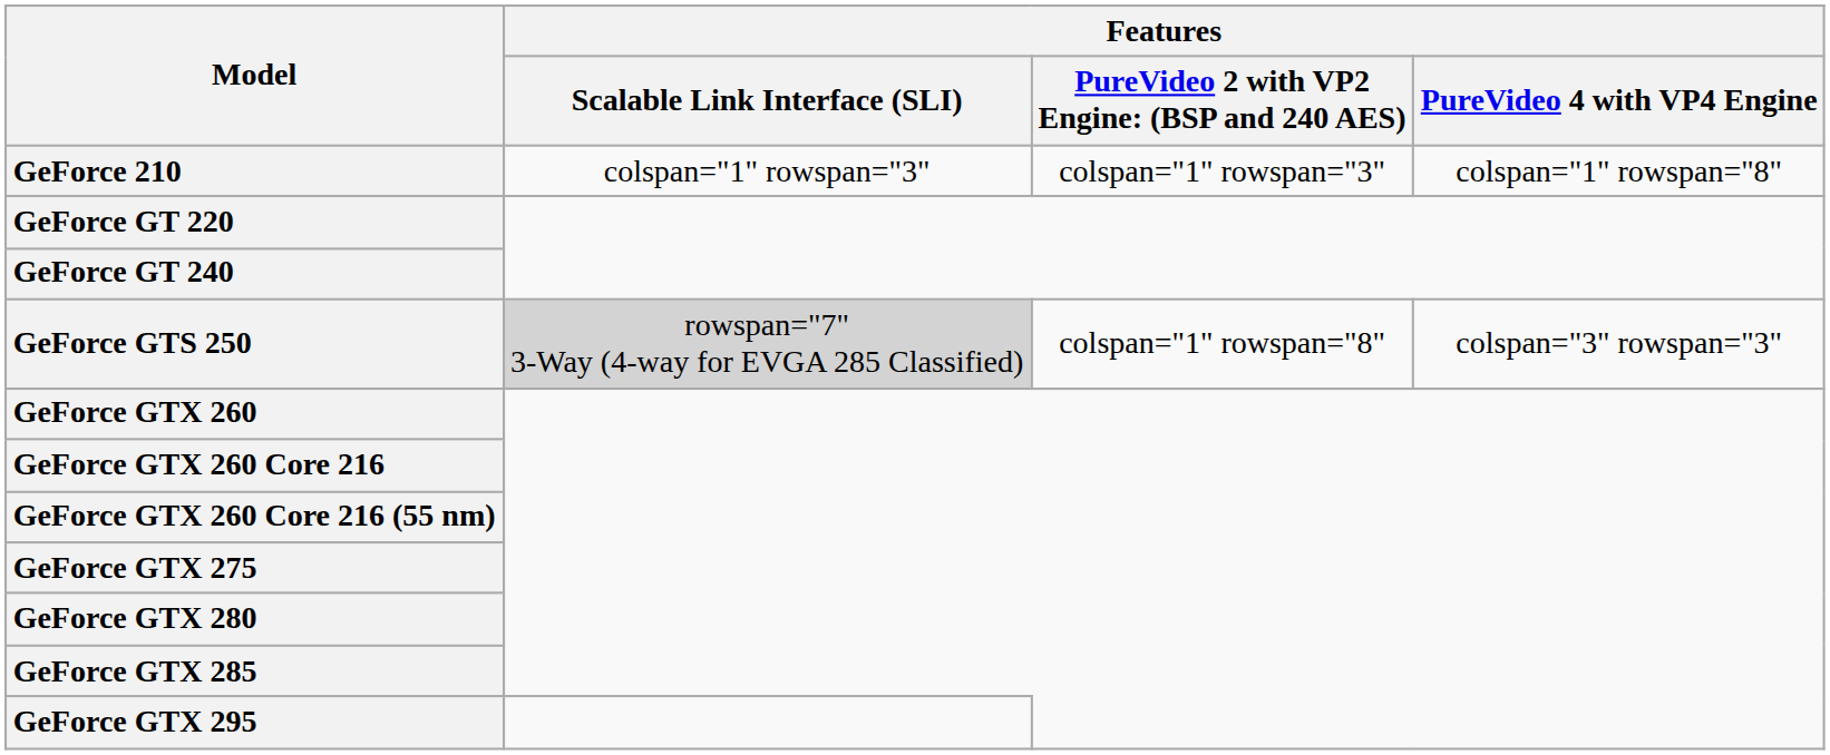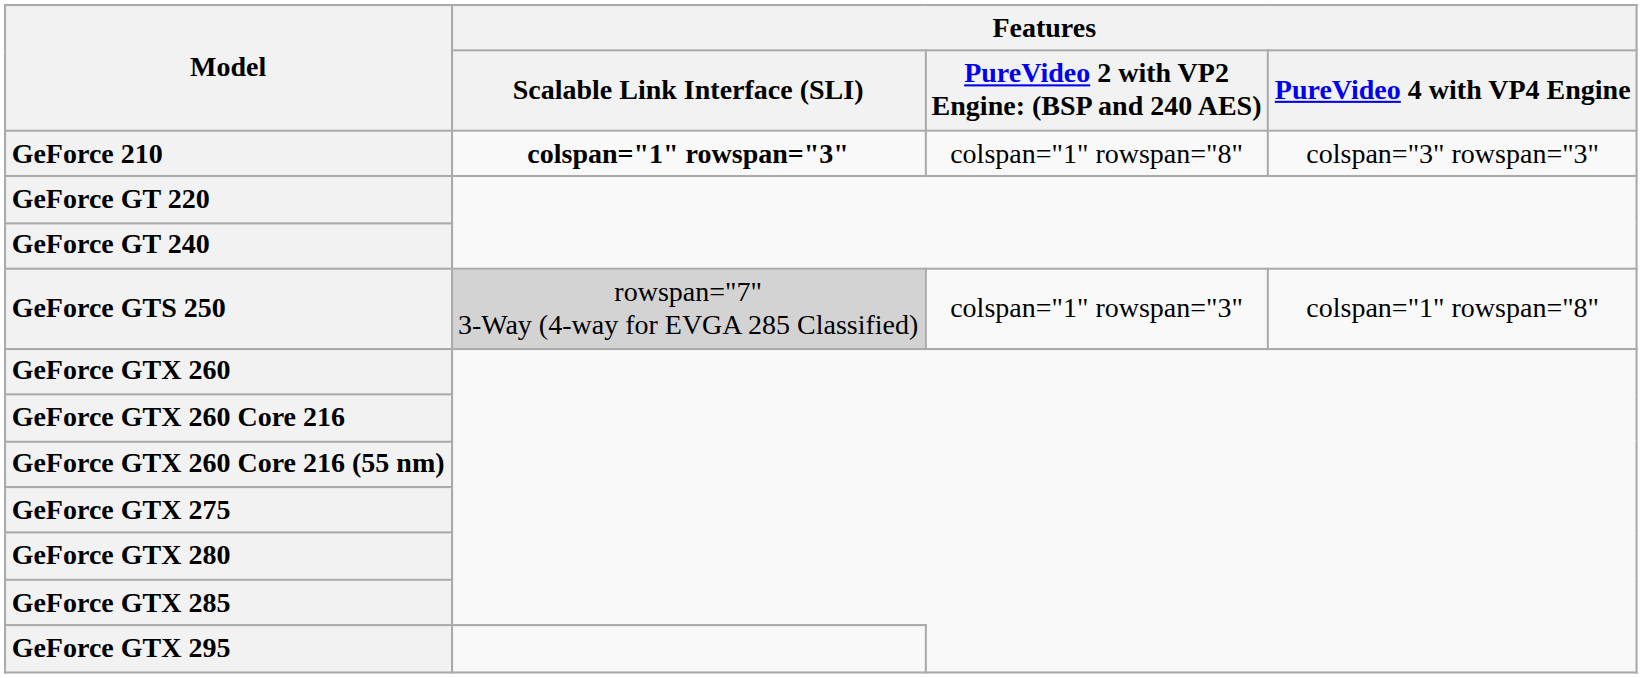 <table class="wikitable" style="font-size: 85%; text-align: center;">
 <tr>
 <th rowspan=2>Model</th>
 <th colspan=8>Features</th>
 </tr>
 <tr>
 <th>Scalable Link Interface (SLI)</th>
 <th><a href='#'>PureVideo</a> 2 with VP2<br>Engine: (BSP and 240 AES)</th>
 <th><a href='#'>PureVideo</a> 4 with VP4 Engine</th>
 </tr>
 <tr>
 <th style="text-align:left;">GeForce 210</th>
-<td>colspan="1" rowspan="3" </td>
-<td>colspan="1" rowspan="3" </td>
+<td><strong>colspan="1" rowspan="3" </strong></td>
 <td>colspan="1" rowspan="8" </td>
+<td>colspan="3" rowspan="3" </td>
 </tr>
 <tr>
 <th style="text-align:left;">GeForce GT 220</th>
 </tr>
 <tr>
 <th style="text-align:left;">GeForce GT 240</th>
 </tr>
 <tr>
 <th style="text-align:left;">GeForce GTS 250</th>
 <td style="background: lightgrey;">rowspan="7" <br>3-Way (4-way for EVGA 285 Classified)</td>
+<td>colspan="1" rowspan="3" </td>
 <td>colspan="1" rowspan="8" </td>
-<td>colspan="3" rowspan="3" </td>
 </tr>
 <tr>
 <th style="text-align:left;">GeForce GTX 260</th>
 </tr>
 <tr>
 <th style="text-align:left;">GeForce GTX 260 Core 216</th>
 </tr>
 <tr>
 <th style="text-align:left;">GeForce GTX 260 Core 216 (55 nm)</th>
 </tr>
 <tr>
 <th style="text-align:left;">GeForce GTX 275</th>
 </tr>
 <tr>
 <th style="text-align:left;">GeForce GTX 280</th>
 </tr>
 <tr>
 <th style="text-align:left;">GeForce GTX 285</th>
 </tr>
 <tr>
 <th style="text-align:left;">GeForce GTX 295</th>
 <td><br></td>
 </tr>
 </table>
